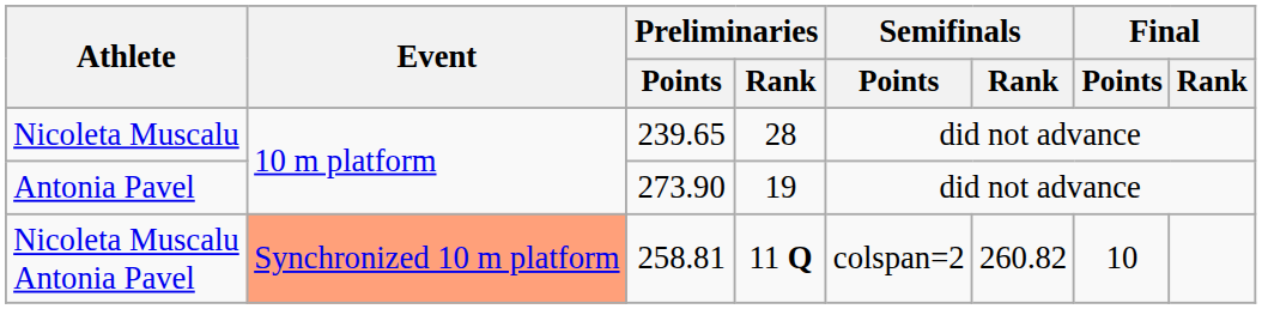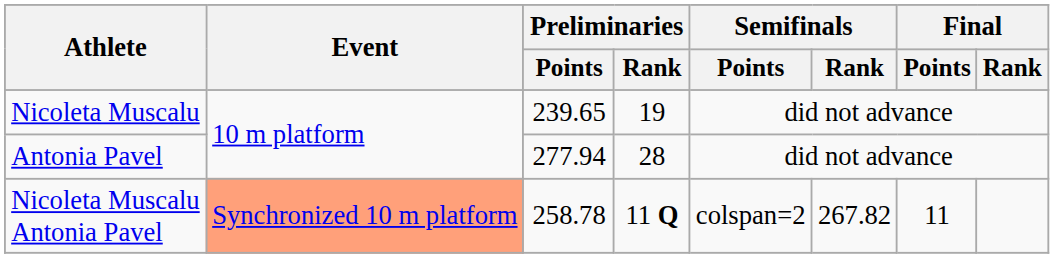 <table class=wikitable style="font-size:90%;">
 <tr>
 <th rowspan="2">Athlete</th>
 <th rowspan="2">Event</th>
 <th colspan="2">Preliminaries</th>
 <th colspan="2">Semifinals</th>
 <th colspan="2">Final</th>
 </tr>
 <tr style="font-size:95%">
 <th>Points</th>
 <th>Rank</th>
 <th>Points</th>
 <th>Rank</th>
 <th>Points</th>
 <th>Rank</th>
 </tr>
 <tr align=center>
 <td align=left><a href='#'>Nicoleta Muscalu</a></td>
 <td align=left rowspan=2><a href='#'>10 m platform</a></td>
 <td>239.65</td>
-<td>28</td>
+<td>19</td>
 <td colspan=4>did not advance</td>
 </tr>
 <tr align=center>
 <td align=left><a href='#'>Antonia Pavel</a></td>
-<td>273.90</td>
-<td>19</td>
+<td>277.94</td>
+<td>28</td>
 <td colspan=4>did not advance</td>
 </tr>
 <tr align=center>
 <td align=left><a href='#'>Nicoleta Muscalu</a><br><a href='#'>Antonia Pavel</a></td>
 <td align=left style="background: lightsalmon;"><a href='#'>Synchronized 10 m platform</a></td>
-<td>258.81</td>
+<td>258.78</td>
 <td>11 <strong>Q</strong></td>
 <td>colspan=2 </td>
-<td>260.82</td>
-<td>10</td>
+<td>267.82</td>
+<td>11</td>
 </tr>
 </table>
